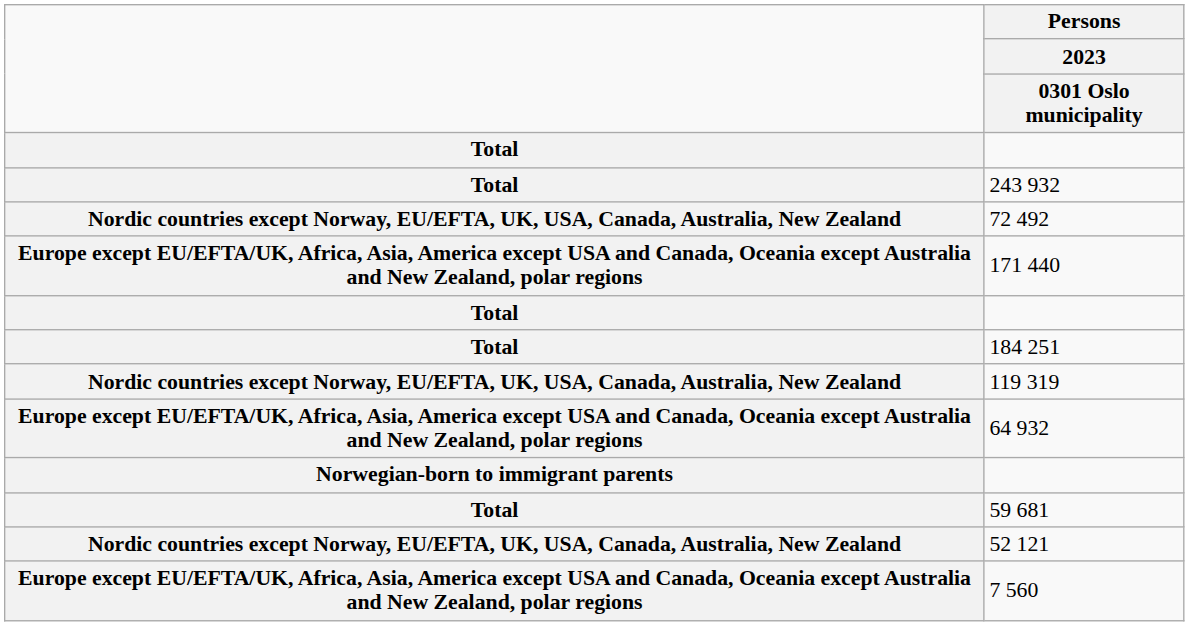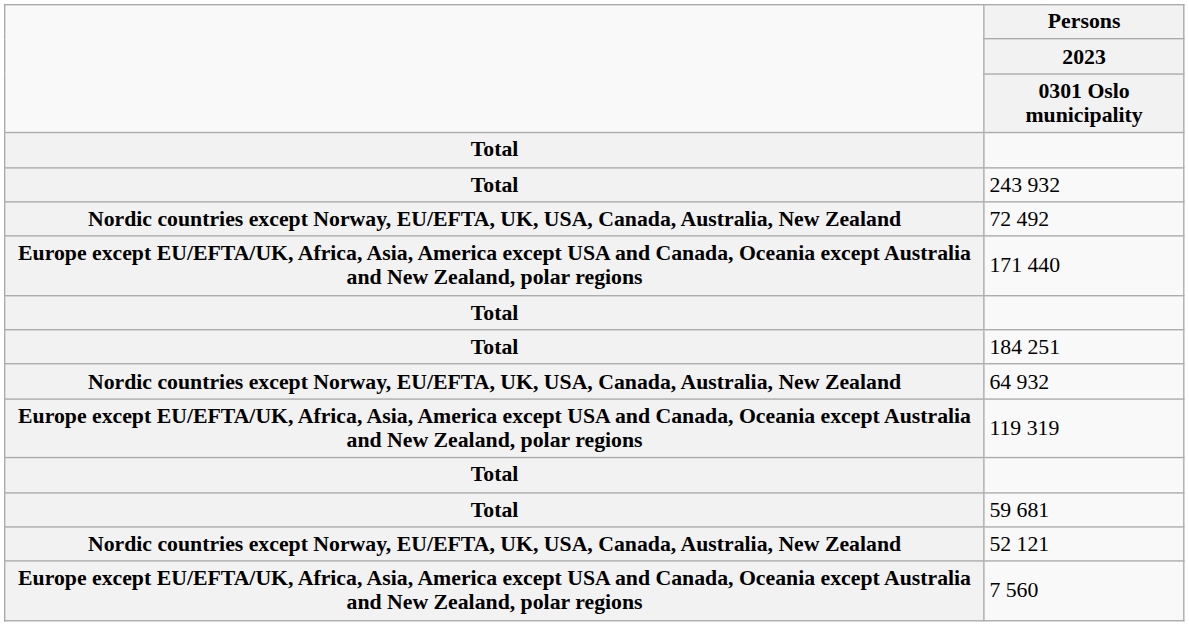 <table class="wikitable">
 <tr>
 <td rowspan="3"></td>
 <th>Persons</th>
 </tr>
 <tr>
 <th>2023</th>
 </tr>
 <tr>
 <th>0301 Oslo municipality</th>
 </tr>
 <tr>
 <th>Total</th>
 <td></td>
 </tr>
 <tr>
 <th>Total</th>
 <td>243 932</td>
 </tr>
 <tr>
 <th>Nordic countries except Norway, EU/EFTA, UK, USA, Canada, Australia, New Zealand</th>
 <td>72 492</td>
 </tr>
 <tr>
 <th>Europe except EU/EFTA/UK, Africa, Asia, America except USA and Canada, Oceania except Australia and New Zealand, polar regions</th>
 <td>171 440</td>
 </tr>
 <tr>
 <th>Total</th>
 <td></td>
 </tr>
 <tr>
 <th>Total</th>
 <td>184 251</td>
 </tr>
 <tr>
 <th>Nordic countries except Norway, EU/EFTA, UK, USA, Canada, Australia, New Zealand</th>
+<td>64 932</td>
+</tr>
+<tr>
+<th>Europe except EU/EFTA/UK, Africa, Asia, America except USA and Canada, Oceania except Australia and New Zealand, polar regions</th>
 <td>119 319</td>
 </tr>
 <tr>
-<th>Europe except EU/EFTA/UK, Africa, Asia, America except USA and Canada, Oceania except Australia and New Zealand, polar regions</th>
-<td>64 932</td>
-</tr>
-<tr>
-<th>Norwegian-born to immigrant parents</th>
+<th>Total</th>
 <td></td>
 </tr>
 <tr>
 <th>Total</th>
 <td>59 681</td>
 </tr>
 <tr>
 <th>Nordic countries except Norway, EU/EFTA, UK, USA, Canada, Australia, New Zealand</th>
 <td>52 121</td>
 </tr>
 <tr>
 <th>Europe except EU/EFTA/UK, Africa, Asia, America except USA and Canada, Oceania except Australia and New Zealand, polar regions</th>
 <td>7 560</td>
 </tr>
 </table>
